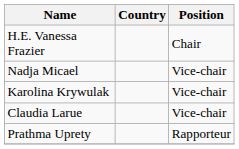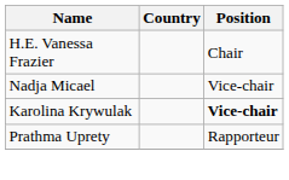 <table class="wikitable" style="display: inline-table; width: 45%">
 <tr>
 <th>Name</th>
 <th>Country</th>
 <th>Position</th>
 </tr>
 <tr>
 <td>H.E. Vanessa Frazier</td>
 <td></td>
 <td>Chair</td>
 </tr>
 <tr>
 <td>Nadja Micael</td>
 <td></td>
 <td>Vice-chair</td>
 </tr>
 <tr>
 <td>Karolina Krywulak</td>
 <td></td>
-<td>Vice-chair</td>
-</tr>
-<tr>
-<td>Claudia Larue</td>
-<td></td>
-<td>Vice-chair</td>
+<td><strong>Vice-chair</strong></td>
 </tr>
 <tr>
 <td>Prathma Uprety</td>
 <td></td>
 <td>Rapporteur</td>
 </tr>
 <tr>
 </tr>
 </table>
